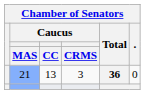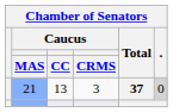 <table class="wikitable" style="font-size: 90%; text-align:center;">
 <tr>
 <th colspan=6><a href='#'>Chamber of Senators</a></th>
 </tr>
 <tr>
 <th rowspan=3></th>
 <th colspan=3>Caucus<br></th>
 <th rowspan=3>Total</th>
 <th rowspan=3>.</th>
 </tr>
 <tr>
 <th style="background-color:"></th>
 <th style="background-color:"></th>
 <th style="background-color:"></th>
 </tr>
 <tr>
 <th><a href='#'>MAS</a></th>
 <th><a href='#'>CC</a></th>
 <th><a href='#'>CRMS</a></th>
 </tr>
 <tr>
 <th bgcolor="#EAECF0"></th>
 <td style="background-color:#84AFFC;">21</td>
 <td>13</td>
 <td>3</td>
-<th bgcolor="#EAECF0">36</th>
-<td>0</td>
+<th bgcolor="#EAECF0">37</th>
+<td style="background: lightgrey;">0</td>
 </tr>
 <tr>
 <th bgcolor="#EAECF0"></th>
 <td style="background-color:#84AFFC;"><strong></strong></td>
 <td bgcolor="#EAECF0"></td>
 <td bgcolor="#EAECF0"></td>
 <th bgcolor="#EAECF0" colspan=2></th>
 </tr>
 </table>
